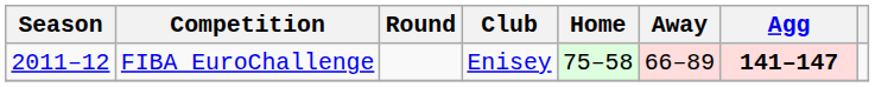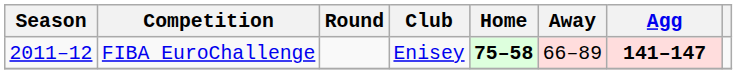 <table class="wikitable mw-collapsible">
 <tr>
 <th>Season</th>
 <th>Competition</th>
 <th>Round</th>
 <th>Club</th>
 <th>Home</th>
 <th>Away</th>
 <th width="70"><a href='#'>Agg</a></th>
 <th></th>
 </tr>
 <tr>
 <td rowspan="1"><a href='#'>2011–12</a></td>
 <td rowspan="1"><a href='#'>FIBA EuroChallenge</a></td>
 <td></td>
 <td> <a href='#'>Enisey</a></td>
-<td style="text-align:center;" bgcolor=#dfd>75–58</td>
+<td style="text-align:center;" bgcolor=#dfd><strong>75–58</strong></td>
 <td style="text-align:center;" bgcolor=#fdd>66–89</td>
 <td style="text-align:center;" bgcolor=#fdd><strong>141–147</strong></td>
 <td></td>
 </tr>
 <tr>
 </tr>
 </table>
